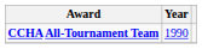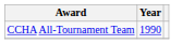 <table class="wikitable">
 <tr>
 <th>Award</th>
 <th>Year</th>
 <th></th>
 </tr>
 <tr>
-<td><strong><a href='#'>CCHA</a> <a href='#'>All-Tournament Team</a></strong></td>
+<td><a href='#'>CCHA</a> <a href='#'>All-Tournament Team</a></td>
 <td><a href='#'>1990</a></td>
 <td></td>
 </tr>
 <tr>
 </tr>
 </table>
